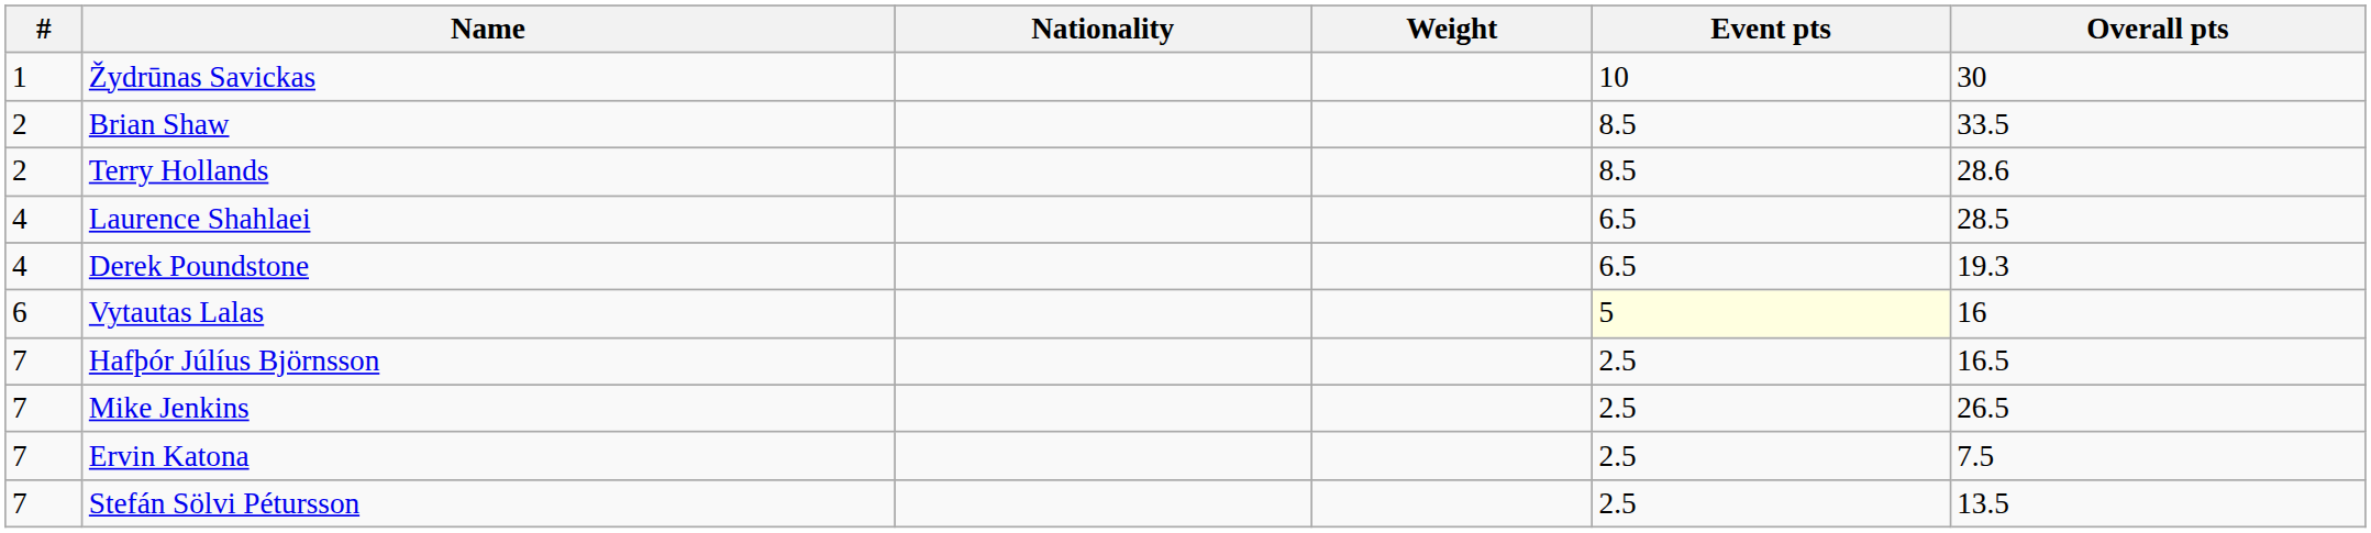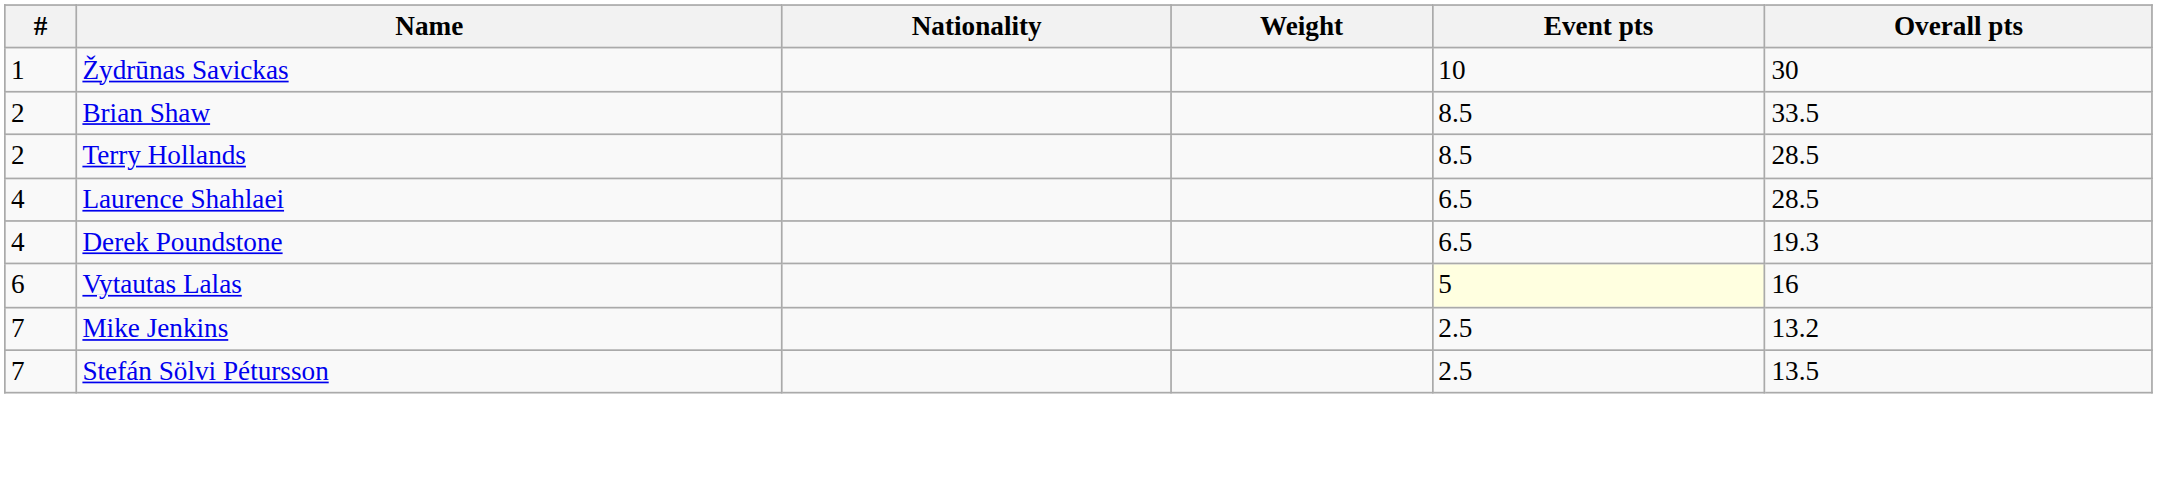 <table class="wikitable sortable" style="display: inline-table;width: 100%;">
 <tr>
 <th>#</th>
 <th>Name</th>
 <th>Nationality</th>
 <th>Weight</th>
 <th>Event pts</th>
 <th>Overall pts</th>
 </tr>
 <tr>
 <td>1</td>
 <td><a href='#'>Žydrūnas Savickas</a></td>
 <td></td>
 <td></td>
 <td>10</td>
 <td>30</td>
 </tr>
 <tr>
 <td>2</td>
 <td><a href='#'>Brian Shaw</a></td>
 <td></td>
 <td></td>
 <td>8.5</td>
 <td>33.5</td>
 </tr>
 <tr>
 <td>2</td>
 <td><a href='#'>Terry Hollands</a></td>
 <td></td>
 <td></td>
 <td>8.5</td>
-<td>28.6</td>
+<td>28.5</td>
 </tr>
 <tr>
 <td>4</td>
 <td><a href='#'>Laurence Shahlaei</a></td>
 <td></td>
 <td></td>
 <td>6.5</td>
 <td>28.5</td>
 </tr>
 <tr>
 <td>4</td>
 <td><a href='#'>Derek Poundstone</a></td>
 <td></td>
 <td></td>
 <td>6.5</td>
 <td>19.3</td>
 </tr>
 <tr>
 <td>6</td>
 <td><a href='#'>Vytautas Lalas</a></td>
 <td></td>
 <td></td>
 <td style="background: lightyellow;">5</td>
 <td>16</td>
 </tr>
 <tr>
 <td>7</td>
-<td><a href='#'>Hafþór Júlíus Björnsson</a></td>
-<td></td>
-<td></td>
-<td>2.5</td>
-<td>16.5</td>
-</tr>
-<tr>
-<td>7</td>
 <td><a href='#'>Mike Jenkins</a></td>
 <td></td>
 <td></td>
 <td>2.5</td>
-<td>26.5</td>
-</tr>
-<tr>
-<td>7</td>
-<td><a href='#'>Ervin Katona</a></td>
-<td></td>
-<td></td>
-<td>2.5</td>
-<td>7.5</td>
+<td>13.2</td>
 </tr>
 <tr>
 <td>7</td>
 <td><a href='#'>Stefán Sölvi Pétursson</a></td>
 <td></td>
 <td></td>
 <td>2.5</td>
 <td>13.5</td>
 </tr>
 </table>
